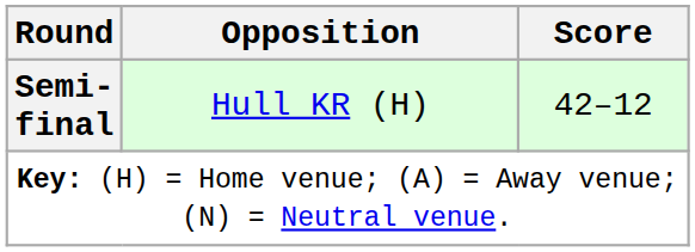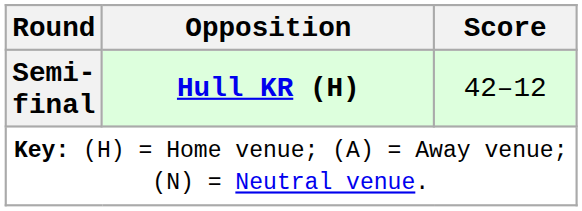 <table class="wikitable plainrowheaders" style="text-align:center;margin-left:1em;">
 <tr>
 <th width="25">Round</th>
 <th width="150">Opposition</th>
 <th width="60">Score</th>
 </tr>
 <tr>
 <th scope=row style="text-align:center">Semi-final</th>
-<td bgcolor=ddffdd> <a href='#'>Hull KR</a> (H)</td>
+<td bgcolor=ddffdd><strong> <a href='#'>Hull KR</a> (H)</strong></td>
 <td bgcolor=ddffdd>42–12</td>
 </tr>
 <tr>
 <td colspan="3" style="background-color:white;"><small><strong>Key:</strong> (H) = Home venue; (A) = Away venue; (N) = <a href='#'>Neutral venue</a>.</small></td>
 </tr>
 </table>
